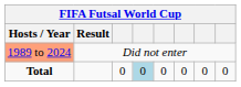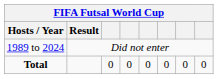 <table class="wikitable" style="text-align: center;">
 <tr>
 <th colspan=9><a href='#'>FIFA Futsal World Cup</a></th>
 </tr>
 <tr>
 <th>Hosts / Year</th>
 <th>Result</th>
 <th width=20></th>
 <th width=20></th>
 <th width=20></th>
 <th width=20></th>
 <th width=20></th>
 <th width=20></th>
 </tr>
 <tr>
-<td style="background: lightsalmon;"> <a href='#'>1989</a> to  <a href='#'>2024</a></td>
+<td> <a href='#'>1989</a> to  <a href='#'>2024</a></td>
 <td colspan=7><em>Did not enter</em></td>
 </tr>
 <tr>
 <td><strong>Total</strong></td>
 <td></td>
 <td>0</td>
-<td style="background: lightblue;">0</td>
+<td>0</td>
 <td>0</td>
 <td>0</td>
 <td>0</td>
 <td>0</td>
 </tr>
 </table>
